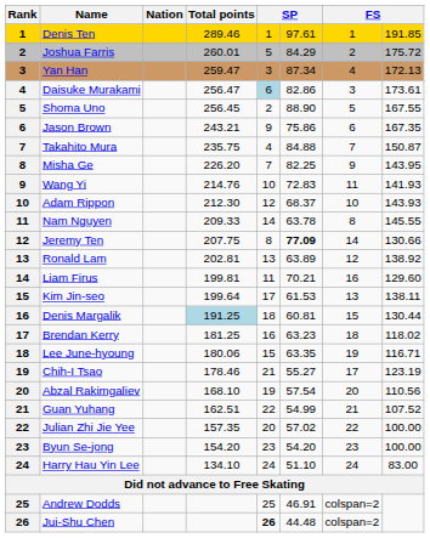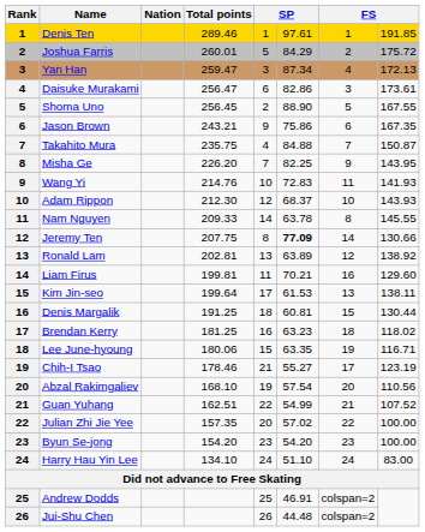 <table class="wikitable sortable">
 <tr>
 <th>Rank</th>
 <th>Name</th>
 <th>Nation</th>
 <th>Total points</th>
 <th colspan="2" width="80px"><a href='#'>SP</a></th>
 <th colspan="2" width="80px"><a href='#'>FS</a></th>
 </tr>
 <tr bgcolor="gold">
 <td align="center"><strong>1</strong></td>
 <td><a href='#'>Denis Ten</a></td>
 <td></td>
 <td align="center">289.46</td>
 <td align="center">1</td>
 <td align="center">97.61</td>
 <td align="center">1</td>
 <td align="center">191.85</td>
 </tr>
 <tr bgcolor="silver">
 <td align="center"><strong>2</strong></td>
 <td><a href='#'>Joshua Farris</a></td>
 <td></td>
 <td align="center">260.01</td>
 <td align="center">5</td>
 <td align="center">84.29</td>
 <td align="center">2</td>
 <td align="center">175.72</td>
 </tr>
 <tr bgcolor="#cc9966">
 <td align="center"><strong>3</strong></td>
 <td><a href='#'>Yan Han</a></td>
 <td></td>
 <td align="center">259.47</td>
 <td align="center">3</td>
 <td align="center">87.34</td>
 <td align="center">4</td>
 <td align="center">172.13</td>
 </tr>
 <tr>
 <th>4</th>
 <td><a href='#'>Daisuke Murakami</a></td>
 <td></td>
 <td align="center">256.47</td>
-<td align="center" style="background: lightblue;">6</td>
+<td align="center">6</td>
 <td align="center">82.86</td>
 <td align="center">3</td>
 <td align="center">173.61</td>
 </tr>
 <tr>
 <th>5</th>
 <td><a href='#'>Shoma Uno</a></td>
 <td></td>
 <td align="center">256.45</td>
 <td align="center">2</td>
 <td align="center">88.90</td>
 <td align="center">5</td>
 <td align="center">167.55</td>
 </tr>
 <tr>
 <th>6</th>
 <td><a href='#'>Jason Brown</a></td>
 <td></td>
 <td align="center">243.21</td>
 <td align="center">9</td>
 <td align="center">75.86</td>
 <td align="center">6</td>
 <td align="center">167.35</td>
 </tr>
 <tr>
 <th>7</th>
 <td><a href='#'>Takahito Mura</a></td>
 <td></td>
 <td align="center">235.75</td>
 <td align="center">4</td>
 <td align="center">84.88</td>
 <td align="center">7</td>
 <td align="center">150.87</td>
 </tr>
 <tr>
 <th>8</th>
 <td><a href='#'>Misha Ge</a></td>
 <td></td>
 <td align="center">226.20</td>
 <td align="center">7</td>
 <td align="center">82.25</td>
 <td align="center">9</td>
 <td align="center">143.95</td>
 </tr>
 <tr>
 <th>9</th>
 <td><a href='#'>Wang Yi</a></td>
 <td></td>
 <td align="center">214.76</td>
 <td align="center">10</td>
 <td align="center">72.83</td>
 <td align="center">11</td>
 <td align="center">141.93</td>
 </tr>
 <tr>
 <th>10</th>
 <td><a href='#'>Adam Rippon</a></td>
 <td></td>
 <td align="center">212.30</td>
 <td align="center">12</td>
 <td align="center">68.37</td>
 <td align="center">10</td>
 <td align="center">143.93</td>
 </tr>
 <tr>
 <th>11</th>
 <td><a href='#'>Nam Nguyen</a></td>
 <td></td>
 <td align="center">209.33</td>
 <td align="center">14</td>
 <td align="center">63.78</td>
 <td align="center">8</td>
 <td align="center">145.55</td>
 </tr>
 <tr>
 <th>12</th>
 <td><a href='#'>Jeremy Ten</a></td>
 <td></td>
 <td align="center">207.75</td>
 <td align="center">8</td>
 <td align="center"><strong>77.09</strong></td>
 <td align="center">14</td>
 <td align="center">130.66</td>
 </tr>
 <tr>
 <th>13</th>
 <td><a href='#'>Ronald Lam</a></td>
 <td></td>
 <td align="center">202.81</td>
 <td align="center">13</td>
 <td align="center">63.89</td>
 <td align="center">12</td>
 <td align="center">138.92</td>
 </tr>
 <tr>
 <th>14</th>
 <td><a href='#'>Liam Firus</a></td>
 <td></td>
 <td align="center">199.81</td>
 <td align="center">11</td>
 <td align="center">70.21</td>
 <td align="center">16</td>
 <td align="center">129.60</td>
 </tr>
 <tr>
 <th>15</th>
 <td><a href='#'>Kim Jin-seo</a></td>
 <td></td>
 <td align="center">199.64</td>
 <td align="center">17</td>
 <td align="center">61.53</td>
 <td align="center">13</td>
 <td align="center">138.11</td>
 </tr>
 <tr>
 <th>16</th>
 <td><a href='#'>Denis Margalik</a></td>
 <td></td>
-<td align="center" style="background: lightblue;">191.25</td>
+<td align="center">191.25</td>
 <td align="center">18</td>
 <td align="center">60.81</td>
 <td align="center">15</td>
 <td align="center">130.44</td>
 </tr>
 <tr>
 <th>17</th>
 <td><a href='#'>Brendan Kerry</a></td>
 <td></td>
 <td align="center">181.25</td>
 <td align="center">16</td>
 <td align="center">63.23</td>
 <td align="center">18</td>
 <td align="center">118.02</td>
 </tr>
 <tr>
 <th>18</th>
 <td><a href='#'>Lee June-hyoung</a></td>
 <td></td>
 <td align="center">180.06</td>
 <td align="center">15</td>
 <td align="center">63.35</td>
 <td align="center">19</td>
 <td align="center">116.71</td>
 </tr>
 <tr>
 <th>19</th>
 <td><a href='#'>Chih-I Tsao</a></td>
 <td></td>
 <td align="center">178.46</td>
 <td align="center">21</td>
 <td align="center">55.27</td>
 <td align="center">17</td>
 <td align="center">123.19</td>
 </tr>
 <tr>
 <th>20</th>
 <td><a href='#'>Abzal Rakimgaliev</a></td>
 <td></td>
 <td align="center">168.10</td>
 <td align="center">19</td>
 <td align="center">57.54</td>
 <td align="center">20</td>
 <td align="center">110.56</td>
 </tr>
 <tr>
 <th>21</th>
 <td><a href='#'>Guan Yuhang</a></td>
 <td></td>
 <td align="center">162.51</td>
 <td align="center">22</td>
 <td align="center">54.99</td>
 <td align="center">21</td>
 <td align="center">107.52</td>
 </tr>
 <tr>
 <th>22</th>
 <td><a href='#'>Julian Zhi Jie Yee</a></td>
 <td></td>
 <td align="center">157.35</td>
 <td align="center">20</td>
 <td align="center">57.02</td>
 <td align="center">22</td>
 <td align="center">100.00</td>
 </tr>
 <tr>
 <th>23</th>
 <td><a href='#'>Byun Se-jong</a></td>
 <td></td>
 <td align="center">154.20</td>
 <td align="center">23</td>
 <td align="center">54.20</td>
 <td align="center">23</td>
 <td align="center">100.00</td>
 </tr>
 <tr>
 <th>24</th>
 <td><a href='#'>Harry Hau Yin Lee</a></td>
 <td></td>
 <td align="center">134.10</td>
 <td align="center">24</td>
 <td align="center">51.10</td>
 <td align="center">24</td>
 <td align="center">83.00</td>
 </tr>
 <tr>
 <th colspan="8">Did not advance to Free Skating</th>
 </tr>
 <tr>
 <th>25</th>
 <td><a href='#'>Andrew Dodds</a></td>
 <td></td>
 <td></td>
 <td align="center">25</td>
 <td align="center">46.91</td>
 <td>colspan=2 </td>
 </tr>
 <tr>
 <th>26</th>
 <td><a href='#'>Jui-Shu Chen</a></td>
 <td></td>
 <td></td>
-<td align="center"><strong>26</strong></td>
+<td align="center">26</td>
 <td align="center">44.48</td>
 <td>colspan=2 </td>
 </tr>
 </table>
